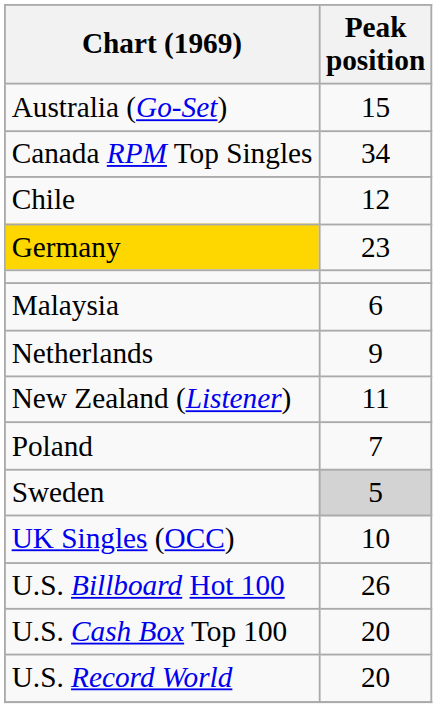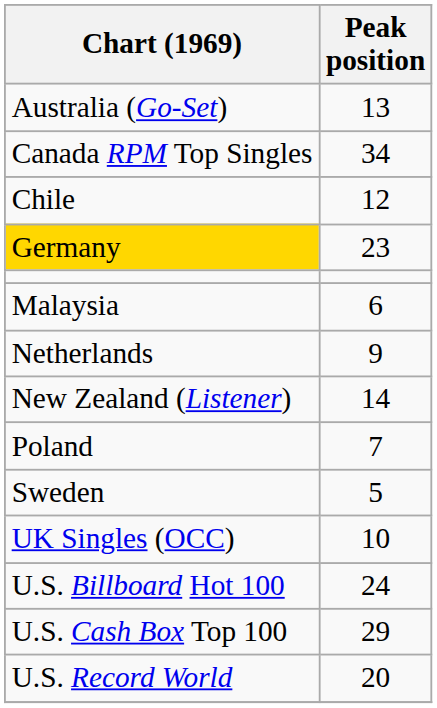 <table class="wikitable sortable">
 <tr>
 <th>Chart (1969)</th>
 <th>Peak<br>position</th>
 </tr>
 <tr>
 <td>Australia (<em><a href='#'>Go-Set</a></em>)</td>
-<td style="text-align:center;">15</td>
+<td style="text-align:center;">13</td>
 </tr>
 <tr>
 <td>Canada <em><a href='#'>RPM</a></em> Top Singles</td>
 <td style="text-align:center;">34</td>
 </tr>
 <tr>
 <td>Chile</td>
 <td style="text-align:center;">12</td>
 </tr>
 <tr>
 <td style="background: gold;">Germany</td>
 <td style="text-align:center;">23</td>
 </tr>
 <tr>
 <td></td>
 </tr>
 <tr>
 <td>Malaysia</td>
 <td style="text-align:center;">6</td>
 </tr>
 <tr>
 <td>Netherlands</td>
 <td style="text-align:center;">9</td>
 </tr>
 <tr>
 <td>New Zealand (<em><a href='#'>Listener</a></em>)</td>
-<td style="text-align:center;">11</td>
+<td style="text-align:center;">14</td>
 </tr>
 <tr>
 <td>Poland</td>
 <td style="text-align:center;">7</td>
 </tr>
 <tr>
 <td>Sweden</td>
-<td style="background: lightgrey; text-align:center;">5</td>
+<td style="text-align:center;">5</td>
 </tr>
 <tr>
 <td><a href='#'>UK Singles</a> (<a href='#'>OCC</a>)</td>
 <td style="text-align:center;">10</td>
 </tr>
 <tr>
 <td>U.S. <em><a href='#'>Billboard</a></em> <a href='#'>Hot 100</a></td>
-<td style="text-align:center;">26</td>
+<td style="text-align:center;">24</td>
 </tr>
 <tr>
 <td>U.S. <a href='#'><em>Cash Box</em></a> Top 100</td>
-<td align="center">20</td>
+<td align="center">29</td>
 </tr>
 <tr>
 <td>U.S. <em><a href='#'>Record World</a></em></td>
 <td style="text-align:center;">20</td>
 </tr>
 <tr>
 </tr>
 </table>
